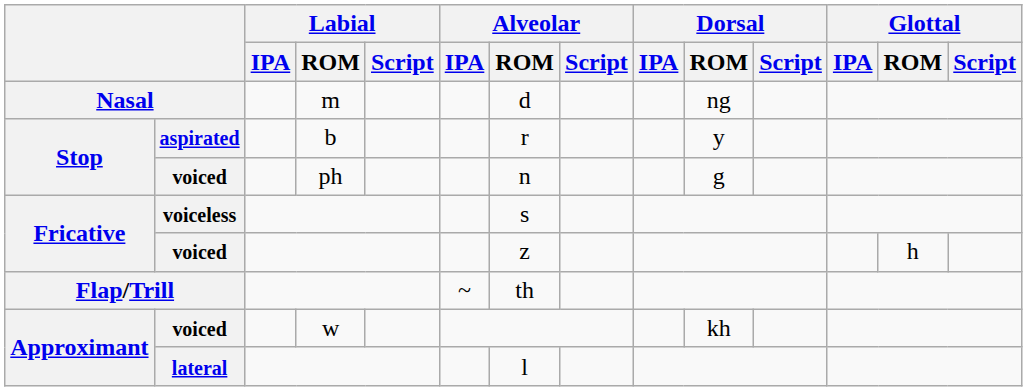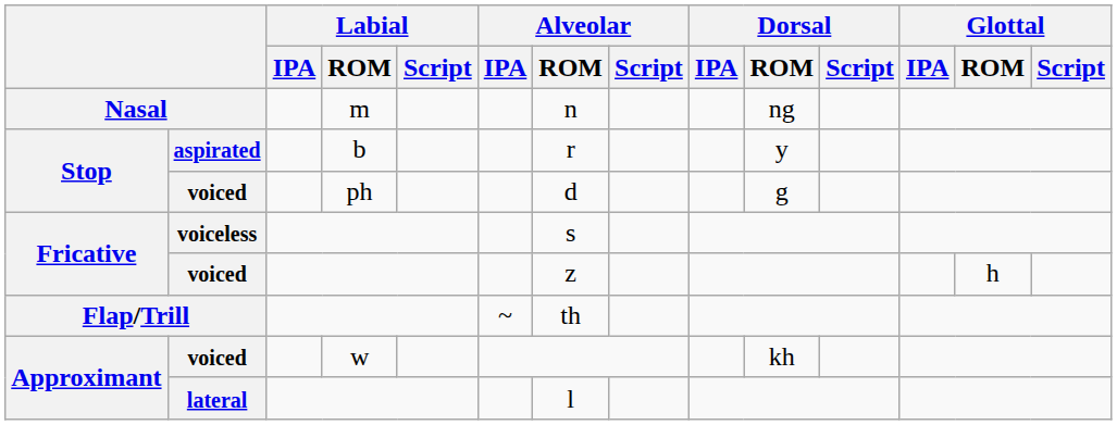 <table class="wikitable">
 <tr>
 <th colspan=2 rowspan=2></th>
 <th colspan=3><a href='#'>Labial</a></th>
 <th colspan=3><a href='#'>Alveolar</a></th>
 <th colspan=3><a href='#'>Dorsal</a></th>
 <th colspan=3><a href='#'>Glottal</a></th>
 </tr>
 <tr>
 <th><a href='#'>IPA</a></th>
 <th>ROM</th>
 <th><a href='#'>Script</a></th>
 <th><a href='#'>IPA</a></th>
 <th>ROM</th>
 <th><a href='#'>Script</a></th>
 <th><a href='#'>IPA</a></th>
 <th>ROM</th>
 <th><a href='#'>Script</a></th>
 <th><a href='#'>IPA</a></th>
 <th>ROM</th>
 <th><a href='#'>Script</a></th>
 </tr>
 <tr style="text-align:center">
 <th colspan=2><a href='#'>Nasal</a></th>
 <td></td>
 <td>m</td>
 <td></td>
 <td></td>
-<td>d</td>
+<td>n</td>
 <td></td>
 <td></td>
 <td>ng</td>
 <td></td>
 <td colspan=3></td>
 </tr>
 <tr style="text-align:center">
 <th rowspan=2><a href='#'>Stop</a></th>
 <th><small><a href='#'>aspirated</a></small></th>
 <td></td>
 <td>b</td>
 <td></td>
 <td></td>
 <td>r</td>
 <td></td>
 <td></td>
 <td>y</td>
 <td></td>
 <td colspan=3></td>
 </tr>
 <tr style="text-align:center">
 <th><small>voiced</small></th>
 <td></td>
 <td>ph</td>
 <td></td>
 <td></td>
-<td>n</td>
+<td>d</td>
 <td></td>
 <td></td>
 <td>g</td>
 <td></td>
 <td colspan=3></td>
 </tr>
 <tr style="text-align:center">
 <th rowspan=2><a href='#'>Fricative</a></th>
 <th><small>voiceless</small></th>
 <td colspan=3></td>
 <td></td>
 <td>s</td>
 <td></td>
 <td colspan=3></td>
 <td colspan=3></td>
 </tr>
 <tr style="text-align:center">
 <th><small>voiced</small></th>
 <td colspan=3></td>
 <td></td>
 <td>z</td>
 <td></td>
 <td colspan=3></td>
 <td></td>
 <td>h</td>
 <td></td>
 </tr>
 <tr style="text-align:center">
 <th colspan="2" rowspan="1"><a href='#'>Flap</a>/<a href='#'>Trill</a></th>
 <td colspan=3></td>
 <td> ~ </td>
 <td>th</td>
 <td></td>
 <td colspan=3></td>
 <td colspan=3></td>
 </tr>
 <tr style="text-align:center">
 <th rowspan="2"><a href='#'>Approximant</a></th>
 <th><small>voiced</small></th>
 <td></td>
 <td>w</td>
 <td></td>
 <td colspan="3"></td>
 <td></td>
 <td>kh</td>
 <td></td>
 <td colspan="3"></td>
 </tr>
 <tr style="text-align:center">
 <th><small><a href='#'>lateral</a></small></th>
 <td colspan=3></td>
 <td></td>
 <td>l</td>
 <td></td>
 <td colspan=3></td>
 <td colspan=3></td>
 </tr>
 </table>
